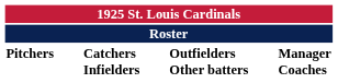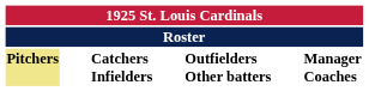 <table class="toccolours" style="font-size: 95%;">
 <tr>
 <th colspan="10" style="background-color: #c41c3a; color: white; text-align: center;">1925 St. Louis Cardinals</th>
 </tr>
 <tr>
 <td colspan="10" style="background-color: #0a2252; color: white; text-align: center;"><strong>Roster</strong></td>
 </tr>
 <tr>
-<td valign="top"><strong>Pitchers</strong><br>            </td>
+<td valign="top" style="background: khaki;"><strong>Pitchers</strong><br>            </td>
 <td width="25px"></td>
 <td valign="top"><strong>Catchers</strong><br>     <strong>Infielders</strong>       </td>
 <td width="25px"></td>
 <td valign="top"><strong>Outfielders</strong><br>        <strong>Other batters</strong> </td>
 <td width="25px"></td>
 <td valign="top"><strong>Manager</strong><br>  <strong>Coaches</strong>  </td>
 </tr>
 </table>
